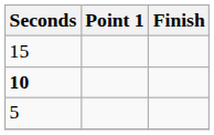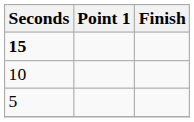 <table class="wikitable">
 <tr>
 <th>Seconds</th>
 <th>Point 1</th>
 <th>Finish</th>
 </tr>
 <tr>
-<td>15</td>
+<td><strong>15</strong></td>
 <td></td>
 <td></td>
 </tr>
 <tr>
-<td><strong>10</strong></td>
+<td>10</td>
 <td></td>
 <td></td>
 </tr>
 <tr>
 <td>5</td>
 <td></td>
 <td></td>
 </tr>
 <tr>
 </tr>
 </table>
